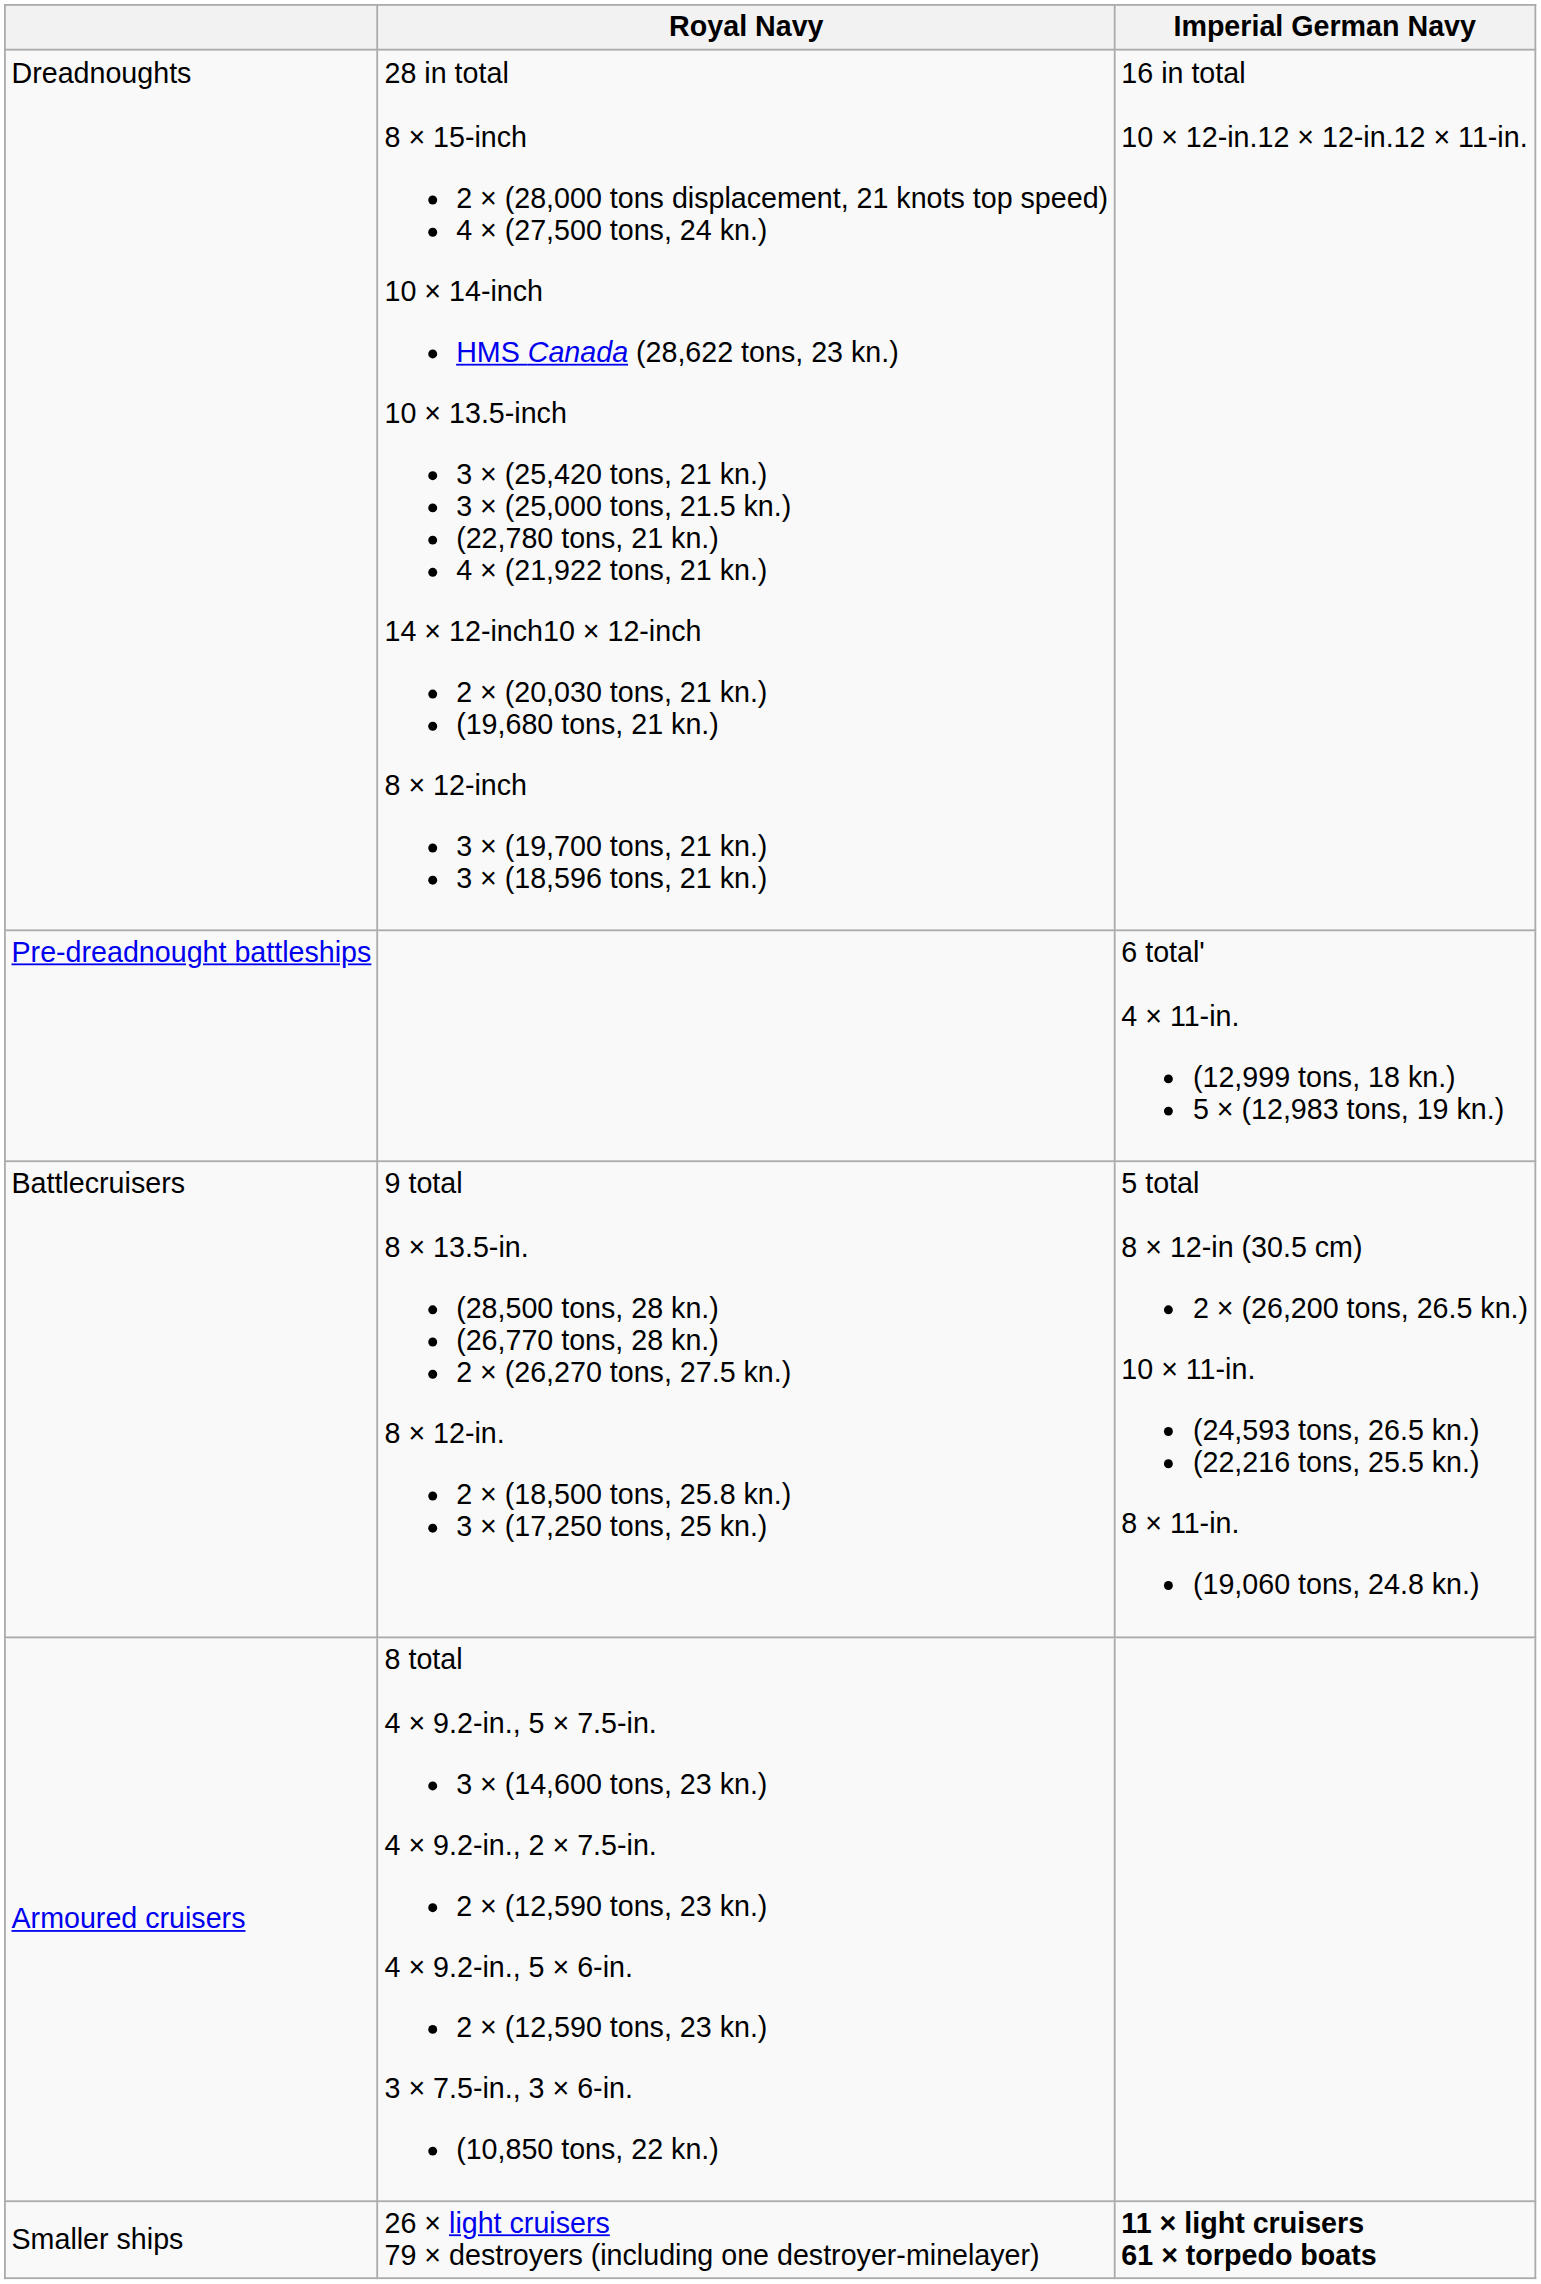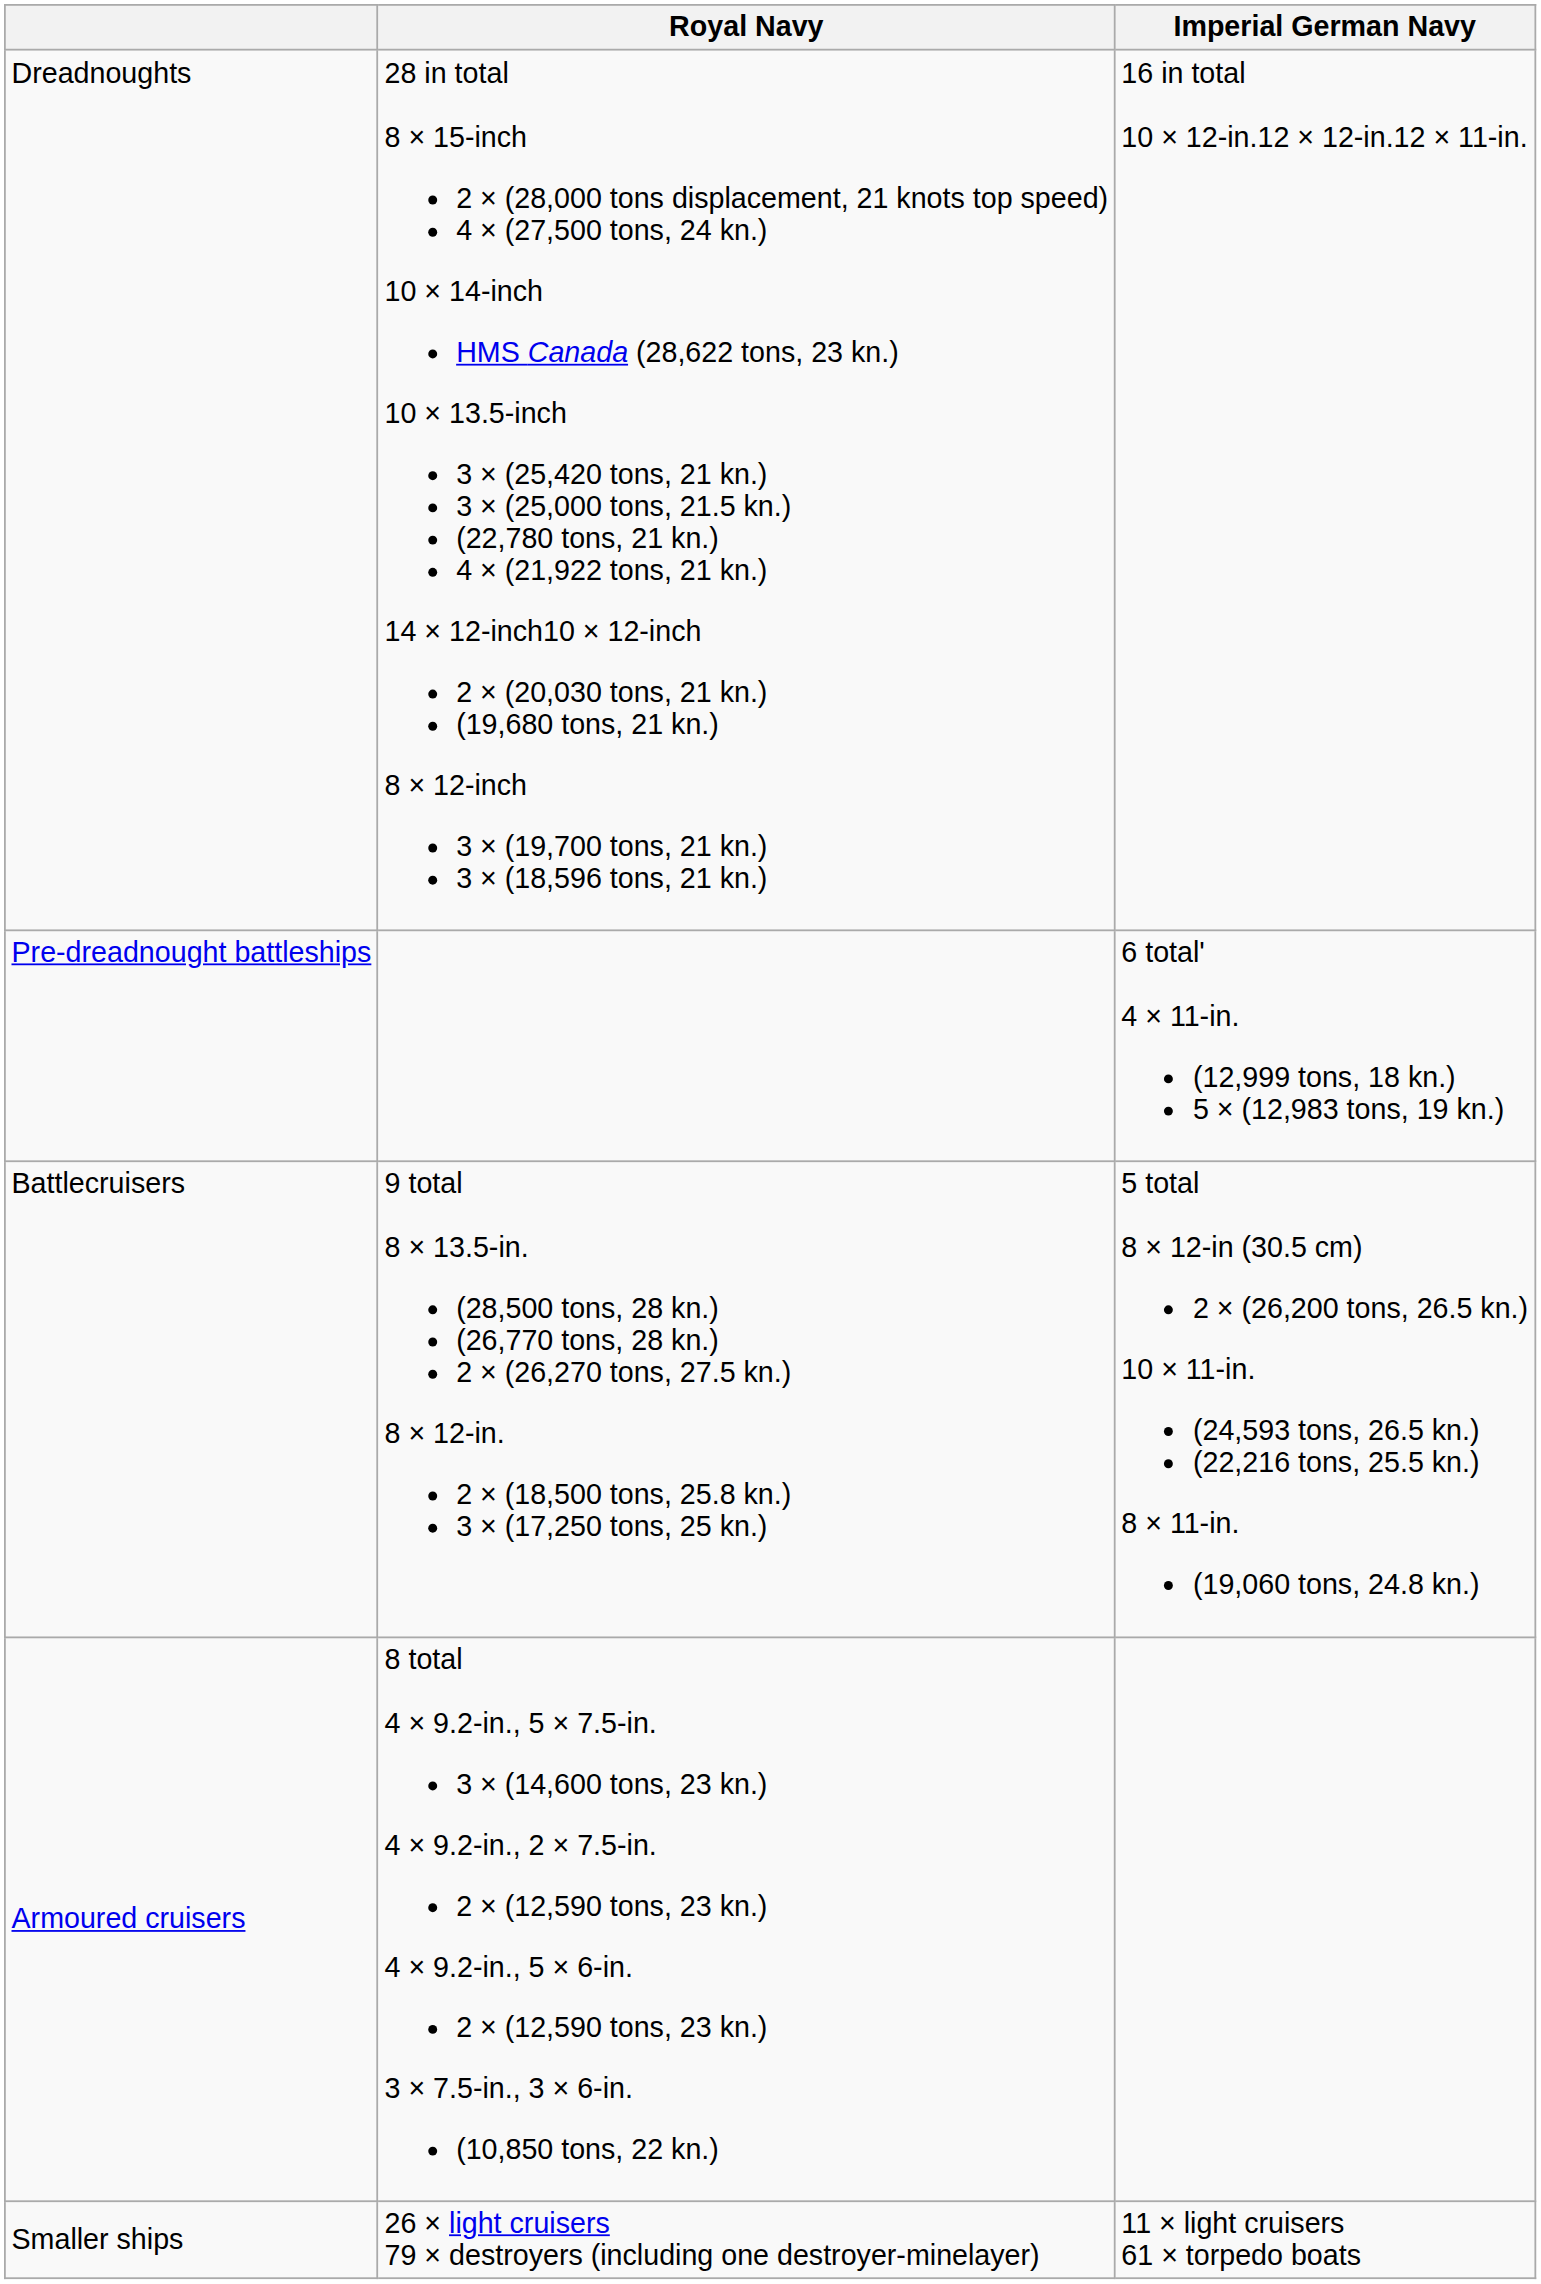 <table class="wikitable">
 <tr>
 <th align="centre"></th>
 <th align="centre">Royal Navy</th>
 <th align="centre">Imperial German Navy</th>
 </tr>
 <tr>
 <td style="vertical-align: top;">Dreadnoughts</td>
 <td style="vertical-align: top;">28 in total<br><br>8 × 15-inch<ul><li>2 ×  (28,000 tons displacement, 21 knots top speed)</li><li>4 ×  (27,500 tons, 24 kn.)</li></ul>10 × 14-inch<ul><li><a href='#'>HMS <em>Canada</em></a> (28,622 tons, 23 kn.)</li></ul>10 × 13.5-inch<ul><li>3 ×  (25,420 tons, 21 kn.)</li><li>3 ×  (25,000 tons, 21.5 kn.)</li><li> (22,780 tons, 21 kn.)</li><li>4 ×  (21,922 tons, 21 kn.)</li></ul>14 × 12-inch10 × 12-inch<ul><li>2 ×  (20,030 tons, 21 kn.)</li><li> (19,680 tons, 21 kn.)</li></ul>8 × 12-inch<ul><li>3 ×  (19,700 tons, 21 kn.)</li><li>3 ×  (18,596 tons, 21 kn.)</li></ul></td>
 <td style="vertical-align: top;">16 in total<br><br>10 × 12-in.12 × 12-in.12 × 11-in.</td>
 </tr>
 <tr>
 <td style="vertical-align: top;"><a href='#'>Pre-dreadnought battleships</a></td>
 <td></td>
 <td style="vertical-align: top;">6 total'<br><br>4 × 11-in.<ul><li> (12,999 tons, 18 kn.)</li><li>5 ×  (12,983 tons, 19 kn.)</li></ul></td>
 </tr>
 <tr>
 <td style="vertical-align: top;">Battlecruisers</td>
 <td style="vertical-align: top;">9 total<br><br>8 × 13.5-in.<ul><li> (28,500 tons, 28 kn.)</li><li> (26,770 tons, 28 kn.)</li><li>2 ×  (26,270 tons, 27.5 kn.)</li></ul>8 × 12-in.<ul><li>2 ×  (18,500 tons, 25.8 kn.)</li><li>3 ×  (17,250 tons, 25 kn.)</li></ul></td>
 <td style="vertical-align: top;">5 total<br><br>8 × 12-in (30.5 cm)<ul><li>2 ×  (26,200 tons, 26.5 kn.)</li></ul>10 × 11-in.<ul><li> (24,593 tons, 26.5 kn.)</li><li> (22,216 tons, 25.5 kn.)</li></ul>8 × 11-in.<ul><li> (19,060 tons, 24.8 kn.)</li></ul></td>
 </tr>
 <tr>
 <td><a href='#'>Armoured cruisers</a></td>
 <td style="vertical-align: top;">8 total<br><br>4 × 9.2-in., 5 × 7.5-in.<ul><li>3 ×  (14,600 tons, 23 kn.)</li></ul>4 × 9.2-in., 2 × 7.5-in.<ul><li>2 ×  (12,590 tons, 23 kn.)</li></ul>4 × 9.2-in., 5 × 6-in.<ul><li>2 ×  (12,590 tons, 23 kn.)</li></ul>3 × 7.5-in., 3 × 6-in.<ul><li> (10,850 tons, 22 kn.)</li></ul></td>
 </tr>
 <tr>
 <td>Smaller ships</td>
 <td>26 × <a href='#'>light cruisers</a><br>79 × destroyers (including one destroyer-minelayer)</td>
-<td><strong>11 × light cruisers<br>61 × torpedo boats</strong></td>
+<td>11 × light cruisers<br>61 × torpedo boats</td>
 </tr>
 </table>
